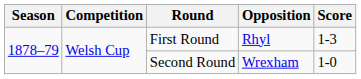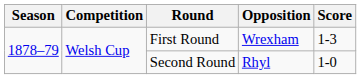 <table class="wikitable">
 <tr>
 <th>Season</th>
 <th>Competition</th>
 <th>Round</th>
 <th>Opposition</th>
 <th>Score</th>
 </tr>
 <tr>
 <td rowspan="2"><a href='#'>1878–79</a></td>
 <td rowspan="2"><a href='#'>Welsh Cup</a></td>
 <td>First Round</td>
-<td><a href='#'>Rhyl</a></td>
+<td><a href='#'>Wrexham</a></td>
 <td>1-3</td>
 </tr>
 <tr>
 <td>Second Round</td>
-<td><a href='#'>Wrexham</a></td>
+<td><a href='#'>Rhyl</a></td>
 <td>1-0</td>
 </tr>
 </table>
